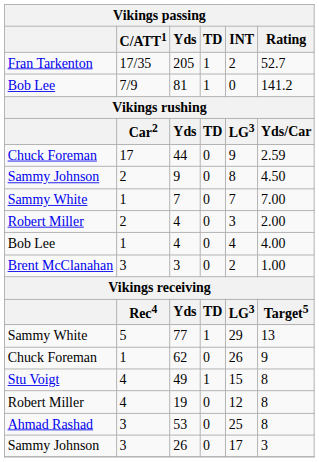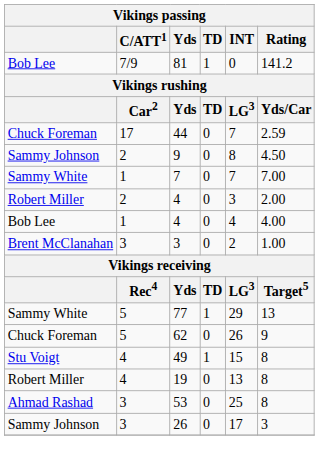 <table class="wikitable">
 <tr>
 <th colspan="6">Vikings passing</th>
 </tr>
 <tr>
 <th></th>
 <th>C/ATT<sup>1</sup></th>
 <th>Yds</th>
 <th>TD</th>
 <th>INT</th>
 <th>Rating</th>
-</tr>
-<tr>
-<td><a href='#'>Fran Tarkenton</a></td>
-<td>17/35</td>
-<td>205</td>
-<td>1</td>
-<td>2</td>
-<td>52.7</td>
 </tr>
 <tr>
 <td><a href='#'>Bob Lee</a></td>
 <td>7/9</td>
 <td>81</td>
 <td>1</td>
 <td>0</td>
 <td>141.2</td>
 </tr>
 <tr>
 <th colspan="6">Vikings rushing</th>
 </tr>
 <tr>
 <th></th>
 <th>Car<sup>2</sup></th>
 <th>Yds</th>
 <th>TD</th>
 <th>LG<sup>3</sup></th>
 <th>Yds/Car</th>
 </tr>
 <tr>
 <td><a href='#'>Chuck Foreman</a></td>
 <td>17</td>
 <td>44</td>
 <td>0</td>
-<td>9</td>
+<td>7</td>
 <td>2.59</td>
 </tr>
 <tr>
 <td><a href='#'>Sammy Johnson</a></td>
 <td>2</td>
 <td>9</td>
 <td>0</td>
 <td>8</td>
 <td>4.50</td>
 </tr>
 <tr>
 <td><a href='#'>Sammy White</a></td>
 <td>1</td>
 <td>7</td>
 <td>0</td>
 <td>7</td>
 <td>7.00</td>
 </tr>
 <tr>
 <td><a href='#'>Robert Miller</a></td>
 <td>2</td>
 <td>4</td>
 <td>0</td>
 <td>3</td>
 <td>2.00</td>
 </tr>
 <tr>
 <td>Bob Lee</td>
 <td>1</td>
 <td>4</td>
 <td>0</td>
 <td>4</td>
 <td>4.00</td>
 </tr>
 <tr>
 <td><a href='#'>Brent McClanahan</a></td>
 <td>3</td>
 <td>3</td>
 <td>0</td>
 <td>2</td>
 <td>1.00</td>
 </tr>
 <tr>
 <th colspan="6">Vikings receiving</th>
 </tr>
 <tr>
 <th></th>
 <th>Rec<sup>4</sup></th>
 <th>Yds</th>
 <th>TD</th>
 <th>LG<sup>3</sup></th>
 <th>Target<sup>5</sup></th>
 </tr>
 <tr>
 <td>Sammy White</td>
 <td>5</td>
 <td>77</td>
 <td>1</td>
 <td>29</td>
 <td>13</td>
 </tr>
 <tr>
 <td>Chuck Foreman</td>
-<td>1</td>
+<td>5</td>
 <td>62</td>
 <td>0</td>
 <td>26</td>
 <td>9</td>
 </tr>
 <tr>
 <td><a href='#'>Stu Voigt</a></td>
 <td>4</td>
 <td>49</td>
 <td>1</td>
 <td>15</td>
 <td>8</td>
 </tr>
 <tr>
 <td>Robert Miller</td>
 <td>4</td>
 <td>19</td>
 <td>0</td>
-<td>12</td>
+<td>13</td>
 <td>8</td>
 </tr>
 <tr>
 <td><a href='#'>Ahmad Rashad</a></td>
 <td>3</td>
 <td>53</td>
 <td>0</td>
 <td>25</td>
 <td>8</td>
 </tr>
 <tr>
 <td>Sammy Johnson</td>
 <td>3</td>
 <td>26</td>
 <td>0</td>
 <td>17</td>
 <td>3</td>
 </tr>
 <tr>
 </tr>
 </table>
